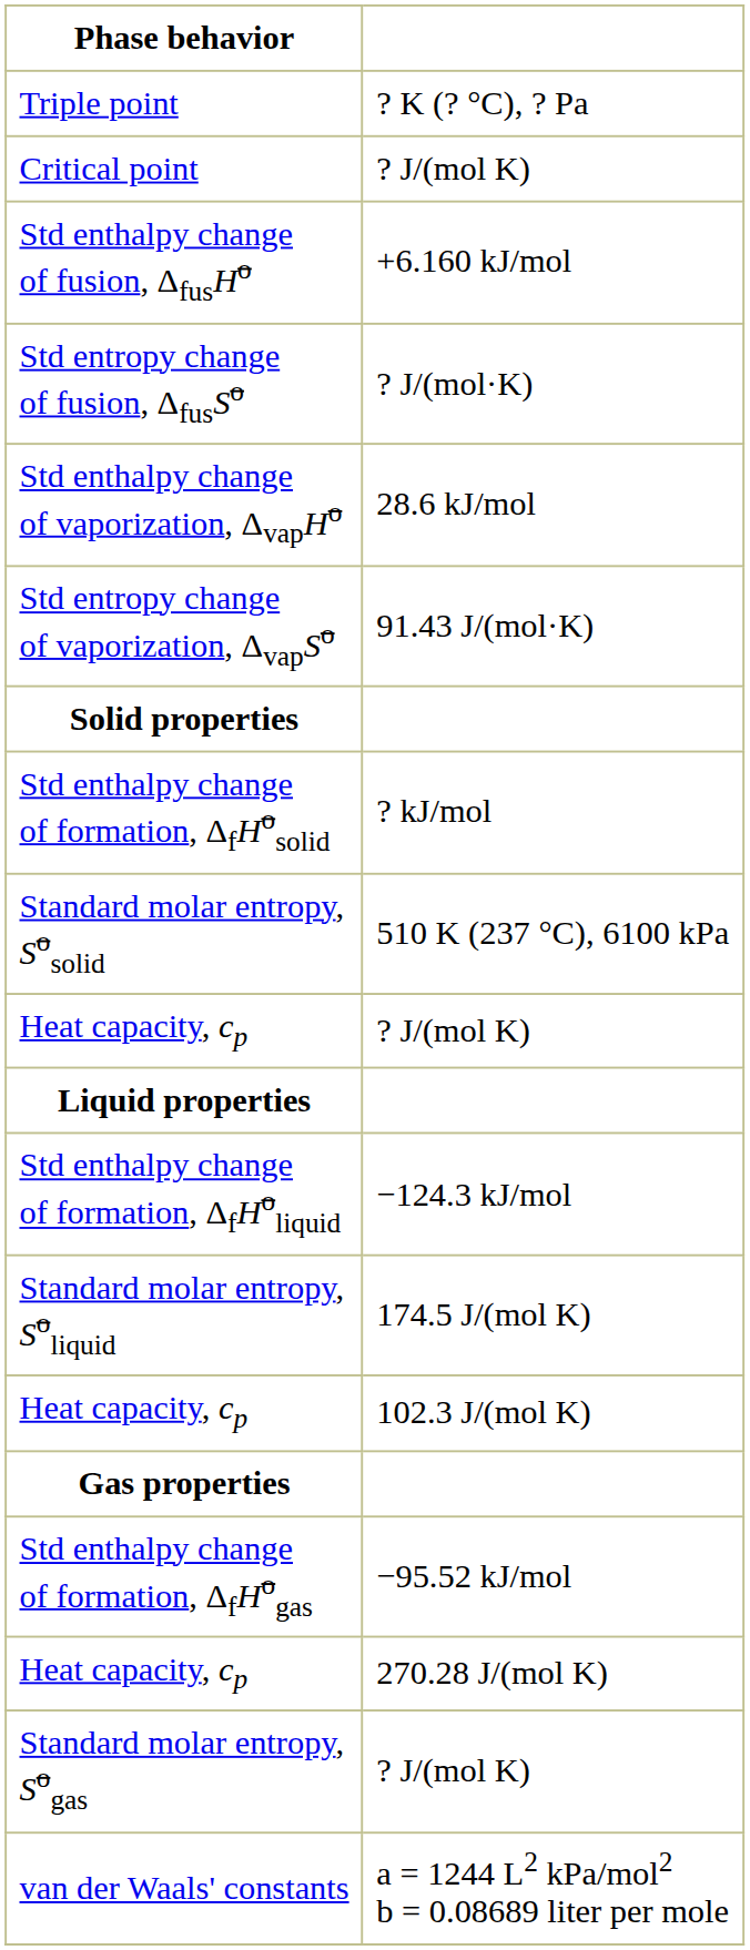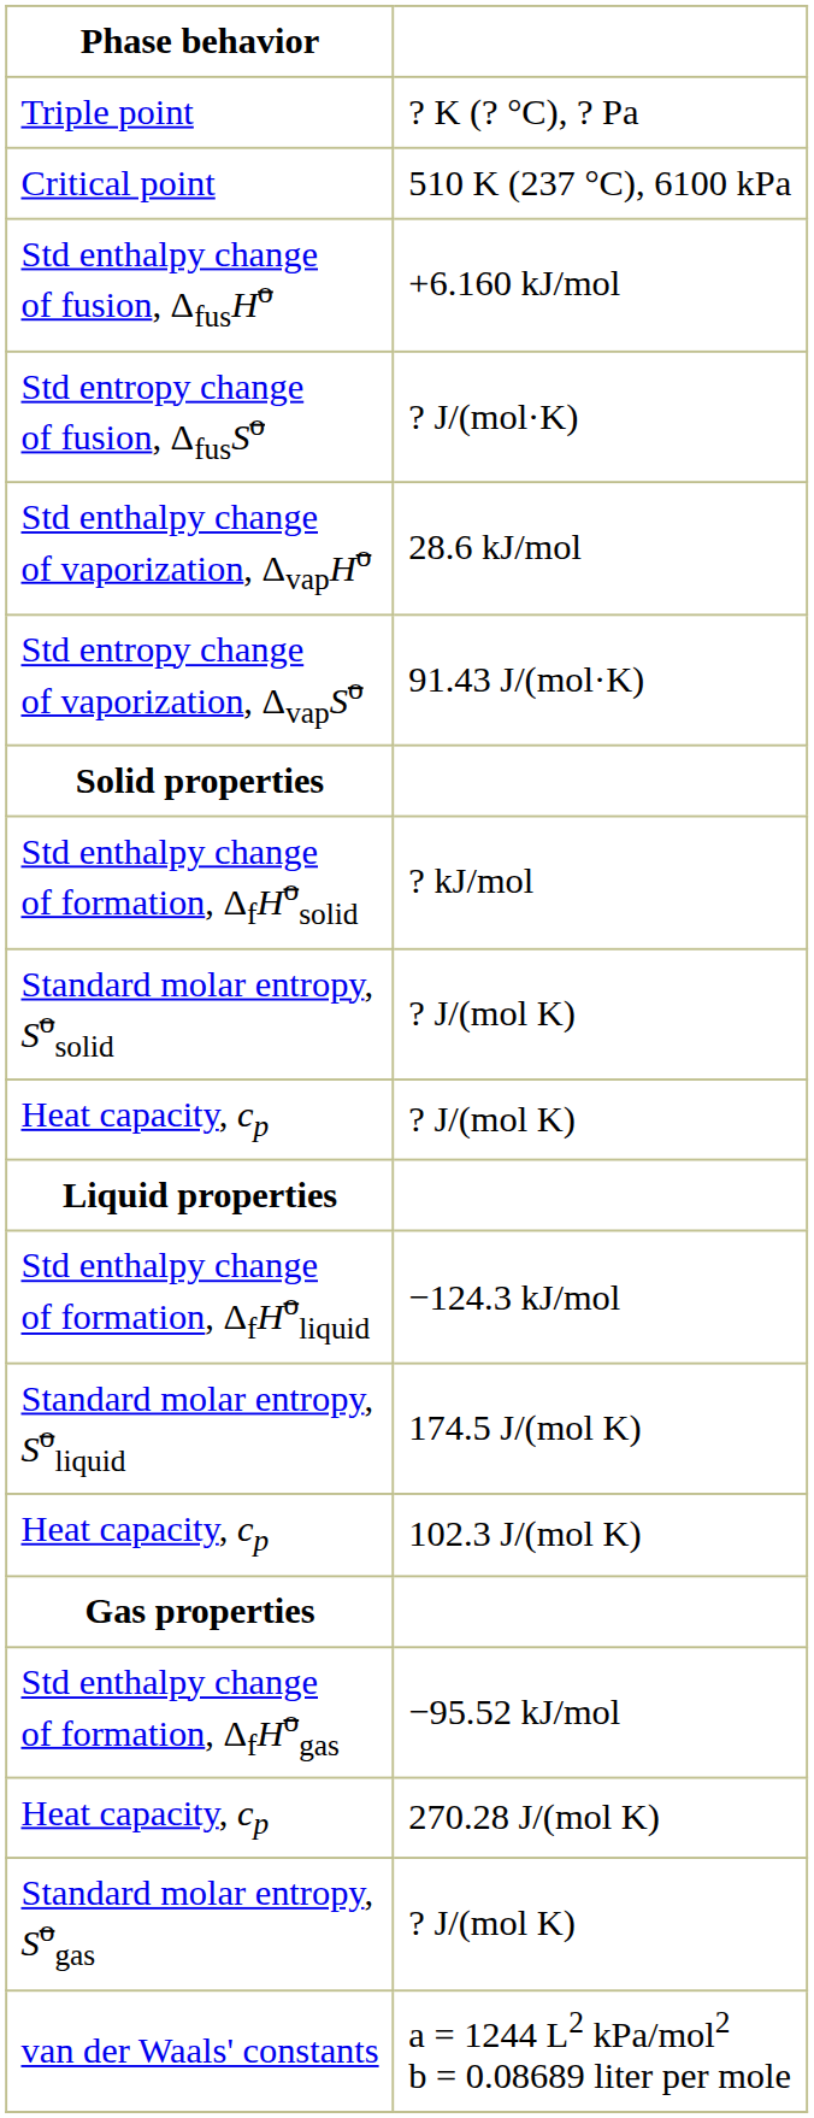 <table border="1" cellspacing="0" cellpadding="6" style="margin: 0 0 0 0.5em; background: #FFFFFF; border-collapse: collapse; border-color: #C0C090;">
 <tr>
 <th>Phase behavior</th>
 </tr>
 <tr>
 <td><a href='#'>Triple point</a></td>
 <td>? K (? °C), ? Pa</td>
 </tr>
 <tr>
 <td><a href='#'>Critical point</a></td>
-<td>? J/(mol K)</td>
+<td>510 K (237 °C), 6100 kPa</td>
 </tr>
 <tr>
 <td><a href='#'>Std enthalpy change<br>of fusion</a>, Δ<sub>fus</sub><em>H</em><sup><s>o</s></sup></td>
 <td>+6.160 kJ/mol</td>
 </tr>
 <tr>
 <td><a href='#'>Std entropy change<br>of fusion</a>, Δ<sub>fus</sub><em>S</em><sup><s>o</s></sup></td>
 <td>? J/(mol·K)</td>
 </tr>
 <tr>
 <td><a href='#'>Std enthalpy change<br>of vaporization</a>, Δ<sub>vap</sub><em>H</em><sup><s>o</s></sup></td>
 <td>28.6 kJ/mol</td>
 </tr>
 <tr>
 <td><a href='#'>Std entropy change<br>of vaporization</a>, Δ<sub>vap</sub><em>S</em><sup><s>o</s></sup></td>
 <td>91.43 J/(mol·K)</td>
 </tr>
 <tr>
 <th>Solid properties</th>
 </tr>
 <tr>
 <td><a href='#'>Std enthalpy change<br>of formation</a>, Δ<sub>f</sub><em>H</em><sup><s>o</s></sup><sub>solid</sub></td>
 <td>? kJ/mol</td>
 </tr>
 <tr>
 <td><a href='#'>Standard molar entropy</a>,<br><em>S</em><sup><s>o</s></sup><sub>solid</sub></td>
-<td>510 K (237 °C), 6100 kPa</td>
+<td>? J/(mol K)</td>
 </tr>
 <tr>
 <td><a href='#'>Heat capacity</a>, <em>c<sub>p</sub></em></td>
 <td>? J/(mol K)</td>
 </tr>
 <tr>
 <th>Liquid properties</th>
 </tr>
 <tr>
 <td><a href='#'>Std enthalpy change<br>of formation</a>, Δ<sub>f</sub><em>H</em><sup><s>o</s></sup><sub>liquid</sub></td>
 <td>−124.3 kJ/mol</td>
 </tr>
 <tr>
 <td><a href='#'>Standard molar entropy</a>,<br><em>S</em><sup><s>o</s></sup><sub>liquid</sub></td>
 <td>174.5 J/(mol K)</td>
 </tr>
 <tr>
 <td><a href='#'>Heat capacity</a>, <em>c<sub>p</sub></em></td>
 <td>102.3 J/(mol K)</td>
 </tr>
 <tr>
 <th>Gas properties</th>
 </tr>
 <tr>
 <td><a href='#'>Std enthalpy change<br>of formation</a>, Δ<sub>f</sub><em>H</em><sup><s>o</s></sup><sub>gas</sub></td>
 <td>−95.52 kJ/mol</td>
 </tr>
 <tr>
 <td><a href='#'>Heat capacity</a>, <em>c<sub>p</sub></em></td>
 <td>270.28 J/(mol K)</td>
 </tr>
 <tr>
 <td><a href='#'>Standard molar entropy</a>,<br><em>S</em><sup><s>o</s></sup><sub>gas</sub></td>
 <td>? J/(mol K)</td>
 </tr>
 <tr>
 <td><a href='#'>van der Waals' constants</a></td>
 <td>a = 1244 L<sup>2</sup> kPa/mol<sup>2</sup><br> b = 0.08689 liter per mole</td>
 </tr>
 <tr>
 </tr>
 </table>
